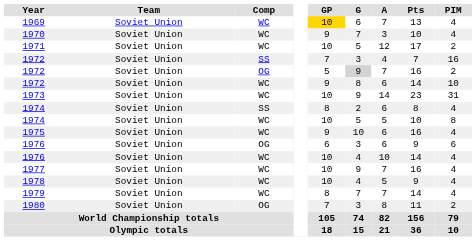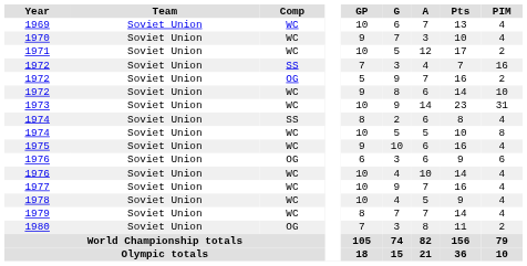 <table border="0" cellpadding="1" cellspacing="0" style="text-align:center; width:50em">
 <tr bgcolor="#e0e0e0">
 <th>Year</th>
 <th>Team</th>
 <th>Comp</th>
 <th rowspan="99" bgcolor="#ffffff"> </th>
 <th>GP</th>
 <th>G</th>
 <th>A</th>
 <th>Pts</th>
 <th>PIM</th>
 </tr>
 <tr>
 <td><a href='#'>1969</a></td>
 <td><a href='#'>Soviet Union</a></td>
 <td><a href='#'>WC</a></td>
-<td style="background: gold;">10</td>
+<td>10</td>
 <td>6</td>
 <td>7</td>
 <td>13</td>
 <td>4</td>
 </tr>
 <tr bgcolor="#f0f0f0">
 <td><a href='#'>1970</a></td>
 <td>Soviet Union</td>
 <td>WC</td>
 <td>9</td>
 <td>7</td>
 <td>3</td>
 <td>10</td>
 <td>4</td>
 </tr>
 <tr>
 <td><a href='#'>1971</a></td>
 <td>Soviet Union</td>
 <td>WC</td>
 <td>10</td>
 <td>5</td>
 <td>12</td>
 <td>17</td>
 <td>2</td>
 </tr>
 <tr bgcolor="#f0f0f0">
 <td><a href='#'>1972</a></td>
 <td>Soviet Union</td>
 <td><a href='#'>SS</a></td>
 <td>7</td>
 <td>3</td>
 <td>4</td>
 <td>7</td>
 <td>16</td>
 </tr>
 <tr>
 <td><a href='#'>1972</a></td>
 <td>Soviet Union</td>
 <td><a href='#'>OG</a></td>
 <td>5</td>
-<td style="background: lightgrey;">9</td>
+<td>9</td>
 <td>7</td>
 <td>16</td>
 <td>2</td>
 </tr>
 <tr bgcolor="#f0f0f0">
 <td><a href='#'>1972</a></td>
 <td>Soviet Union</td>
 <td>WC</td>
 <td>9</td>
 <td>8</td>
 <td>6</td>
 <td>14</td>
 <td>10</td>
 </tr>
 <tr>
 <td><a href='#'>1973</a></td>
 <td>Soviet Union</td>
 <td>WC</td>
 <td>10</td>
 <td>9</td>
 <td>14</td>
 <td>23</td>
 <td>31</td>
 </tr>
 <tr bgcolor="#f0f0f0">
 <td><a href='#'>1974</a></td>
 <td>Soviet Union</td>
 <td>SS</td>
 <td>8</td>
 <td>2</td>
 <td>6</td>
 <td>8</td>
 <td>4</td>
 </tr>
 <tr>
 <td><a href='#'>1974</a></td>
 <td>Soviet Union</td>
 <td>WC</td>
 <td>10</td>
 <td>5</td>
 <td>5</td>
 <td>10</td>
 <td>8</td>
 </tr>
 <tr bgcolor="#f0f0f0">
 <td><a href='#'>1975</a></td>
 <td>Soviet Union</td>
 <td>WC</td>
 <td>9</td>
 <td>10</td>
 <td>6</td>
 <td>16</td>
 <td>4</td>
 </tr>
 <tr>
 <td><a href='#'>1976</a></td>
 <td>Soviet Union</td>
 <td>OG</td>
 <td>6</td>
 <td>3</td>
 <td>6</td>
 <td>9</td>
 <td>6</td>
 </tr>
 <tr bgcolor="#f0f0f0">
 <td><a href='#'>1976</a></td>
 <td>Soviet Union</td>
 <td>WC</td>
 <td>10</td>
 <td>4</td>
 <td>10</td>
 <td>14</td>
 <td>4</td>
 </tr>
 <tr>
 <td><a href='#'>1977</a></td>
 <td>Soviet Union</td>
 <td>WC</td>
 <td>10</td>
 <td>9</td>
 <td>7</td>
 <td>16</td>
 <td>4</td>
 </tr>
 <tr bgcolor="#f0f0f0">
 <td><a href='#'>1978</a></td>
 <td>Soviet Union</td>
 <td>WC</td>
 <td>10</td>
 <td>4</td>
 <td>5</td>
 <td>9</td>
 <td>4</td>
 </tr>
 <tr>
 <td><a href='#'>1979</a></td>
 <td>Soviet Union</td>
 <td>WC</td>
 <td>8</td>
 <td>7</td>
 <td>7</td>
 <td>14</td>
 <td>4</td>
 </tr>
 <tr bgcolor="#f0f0f0">
 <td><a href='#'>1980</a></td>
 <td>Soviet Union</td>
 <td>OG</td>
 <td>7</td>
 <td>3</td>
 <td>8</td>
 <td>11</td>
 <td>2</td>
 </tr>
 <tr bgcolor="#e0e0e0">
 <th colspan="3">World Championship totals</th>
 <th>105</th>
 <th>74</th>
 <th>82</th>
 <th>156</th>
 <th>79</th>
 </tr>
 <tr bgcolor="#e0e0e0">
 <th colspan="3">Olympic totals</th>
 <th>18</th>
 <th>15</th>
 <th>21</th>
 <th>36</th>
 <th>10</th>
 </tr>
 <tr>
 </tr>
 </table>
